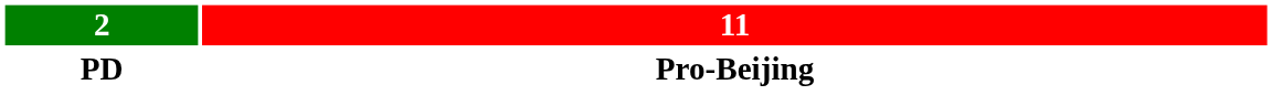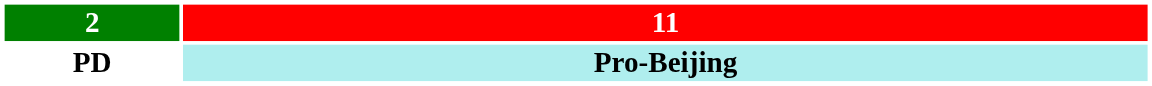 <table style="width:50%; text-align:center;">
 <tr style="color:white;">
 <td style="background:green; width:15.38%;"><strong>2</strong></td>
 <td style="background:red; width:84.62%;"><strong>11</strong></td>
 </tr>
 <tr>
 <td><span><strong>PD</strong></span></td>
-<td><span><strong>Pro-Beijing</strong></span></td>
+<td style="background: paleturquoise;"><span><strong>Pro-Beijing</strong></span></td>
 </tr>
 </table>
